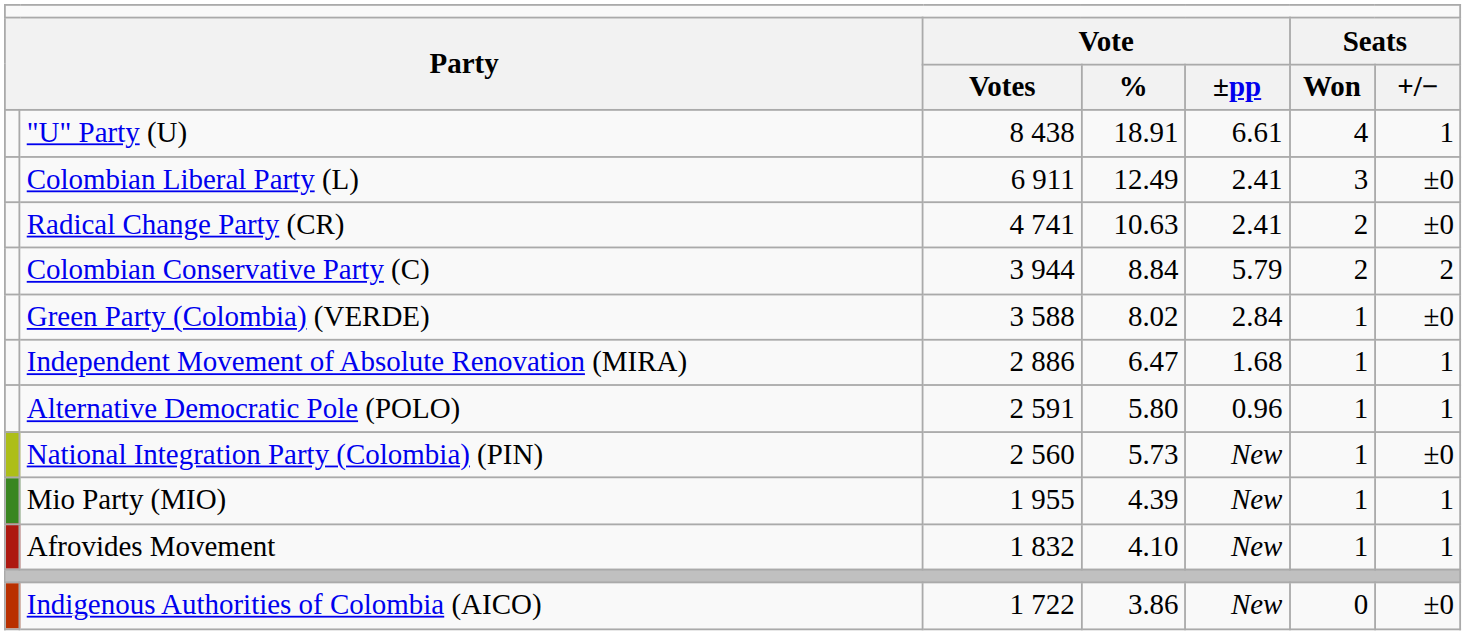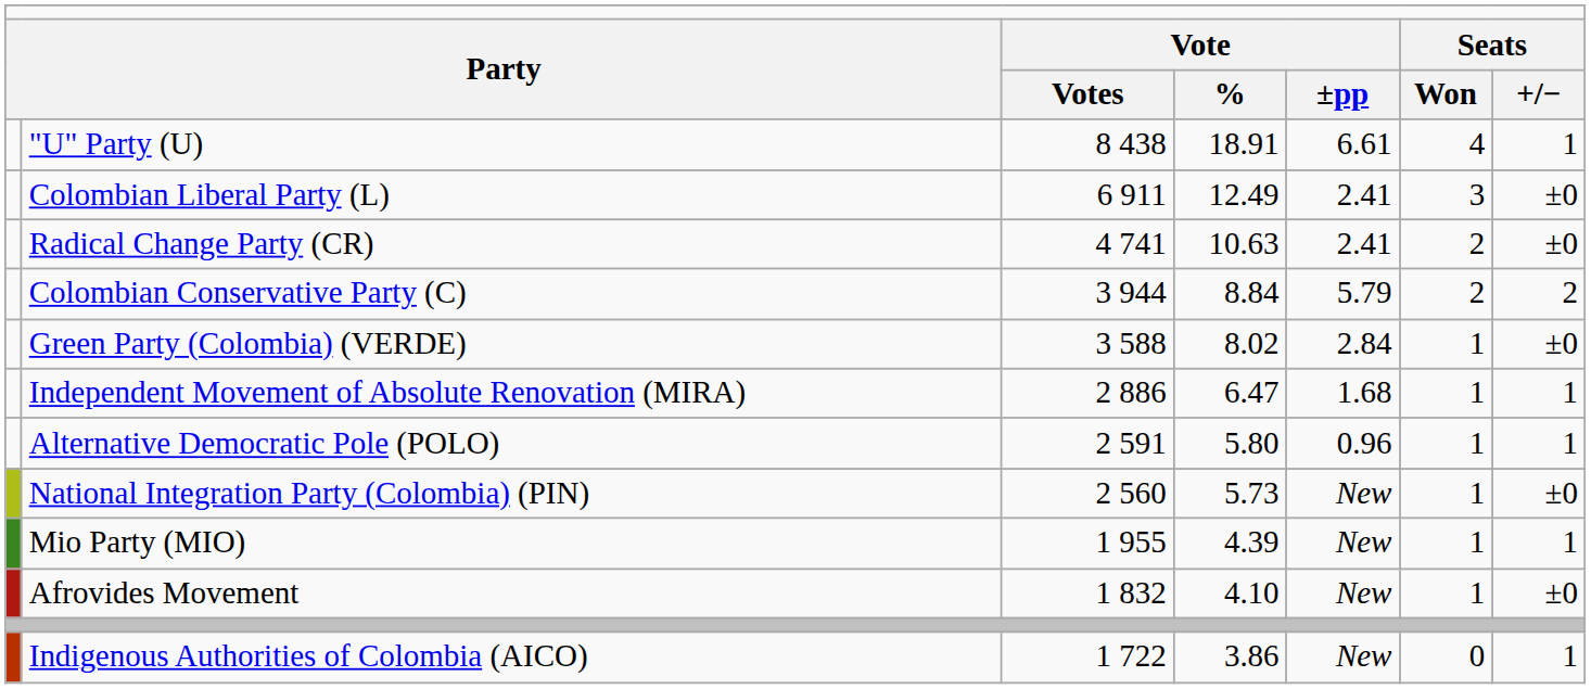 <table class="wikitable" style="text-align:right; font-size:100%; margin-bottom:0">
 <tr>
 <td colspan="7"></td>
 </tr>
 <tr>
 <th align="left" rowspan="2" colspan="2" width="500">Party</th>
 <th colspan="3">Vote</th>
 <th colspan="2">Seats</th>
 </tr>
 <tr>
 <th width="80">Votes</th>
 <th width="50">%</th>
 <th width="50">±<a href='#'>pp</a></th>
 <th width="40">Won</th>
 <th width="40">+/−</th>
 </tr>
 <tr>
 <td width="1" style="color:inherit;background:"></td>
 <td align="left"><a href='#'>"U" Party</a> (U)</td>
 <td>8 438</td>
 <td>18.91</td>
 <td>6.61</td>
 <td>4</td>
 <td>1</td>
 </tr>
 <tr>
 <td style="color:inherit;background:"></td>
 <td align="left"><a href='#'>Colombian Liberal Party</a> (L)</td>
 <td>6 911</td>
 <td>12.49</td>
 <td>2.41</td>
 <td>3</td>
 <td>±0</td>
 </tr>
 <tr>
 <td style="color:inherit;background:"></td>
 <td align="left"><a href='#'>Radical Change Party</a> (CR)</td>
 <td>4 741</td>
 <td>10.63</td>
 <td>2.41</td>
 <td>2</td>
 <td>±0</td>
 </tr>
 <tr>
 <td style="color:inherit;background:"></td>
 <td align="left"><a href='#'>Colombian Conservative Party</a> (C)</td>
 <td>3 944</td>
 <td>8.84</td>
 <td>5.79</td>
 <td>2</td>
 <td>2</td>
 </tr>
 <tr>
 <td style="color:inherit;background:"></td>
 <td align="left"><a href='#'>Green Party (Colombia)</a> (VERDE)</td>
 <td>3 588</td>
 <td>8.02</td>
 <td>2.84</td>
 <td>1</td>
 <td>±0</td>
 </tr>
 <tr>
 <td style="color:inherit;background:"></td>
 <td align="left"><a href='#'>Independent Movement of Absolute Renovation</a> (MIRA)</td>
 <td>2 886</td>
 <td>6.47</td>
 <td>1.68</td>
 <td>1</td>
 <td>1</td>
 </tr>
 <tr>
 <td style="color:inherit;background:"></td>
 <td align="left"><a href='#'>Alternative Democratic Pole</a> (POLO)</td>
 <td>2 591</td>
 <td>5.80</td>
 <td>0.96</td>
 <td>1</td>
 <td>1</td>
 </tr>
 <tr>
 <td style="color:inherit;background:#ADBE18"></td>
 <td align="left"><a href='#'>National Integration Party (Colombia)</a> (PIN)</td>
 <td>2 560</td>
 <td>5.73</td>
 <td><em>New</em></td>
 <td>1</td>
 <td>±0</td>
 </tr>
 <tr>
 <td style="color:inherit;background:#398621"></td>
 <td align="left">Mio Party (MIO)</td>
 <td>1 955</td>
 <td>4.39</td>
 <td><em>New</em></td>
 <td>1</td>
 <td>1</td>
 </tr>
 <tr>
 <td style="color:inherit;background:#AD1810"></td>
 <td align="left">Afrovides Movement</td>
 <td>1 832</td>
 <td>4.10</td>
 <td><em>New</em></td>
 <td>1</td>
-<td>1</td>
+<td>±0</td>
 </tr>
 <tr>
 <td colspan="7" bgcolor="#C0C0C0"></td>
 </tr>
 <tr>
 <td style="color:inherit;background:#B93000"></td>
 <td align="left"><a href='#'>Indigenous Authorities of Colombia</a> (AICO)</td>
 <td>1 722</td>
 <td>3.86</td>
 <td><em>New</em></td>
 <td>0</td>
-<td>±0</td>
+<td>1</td>
 </tr>
 </table>
